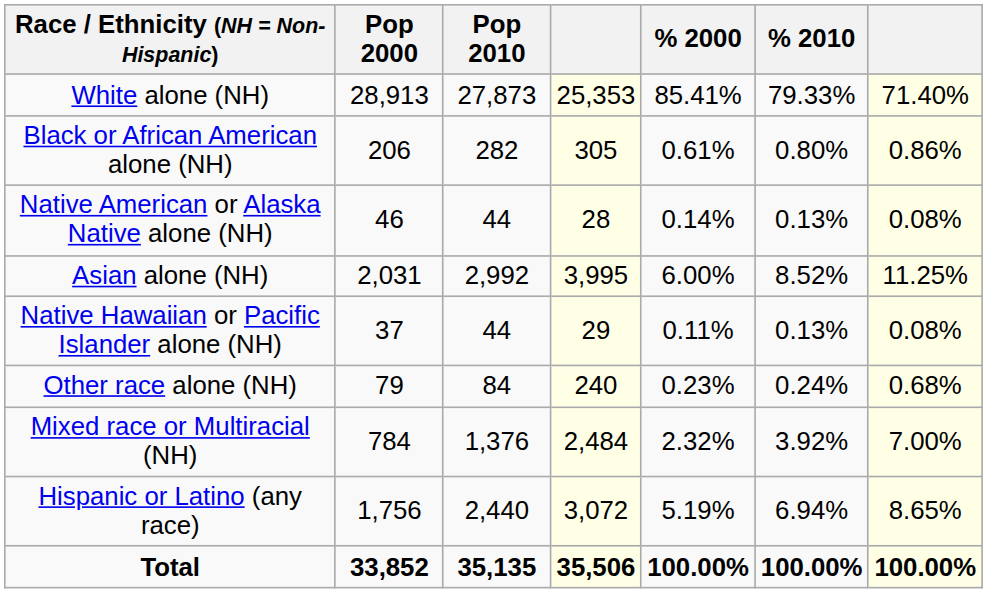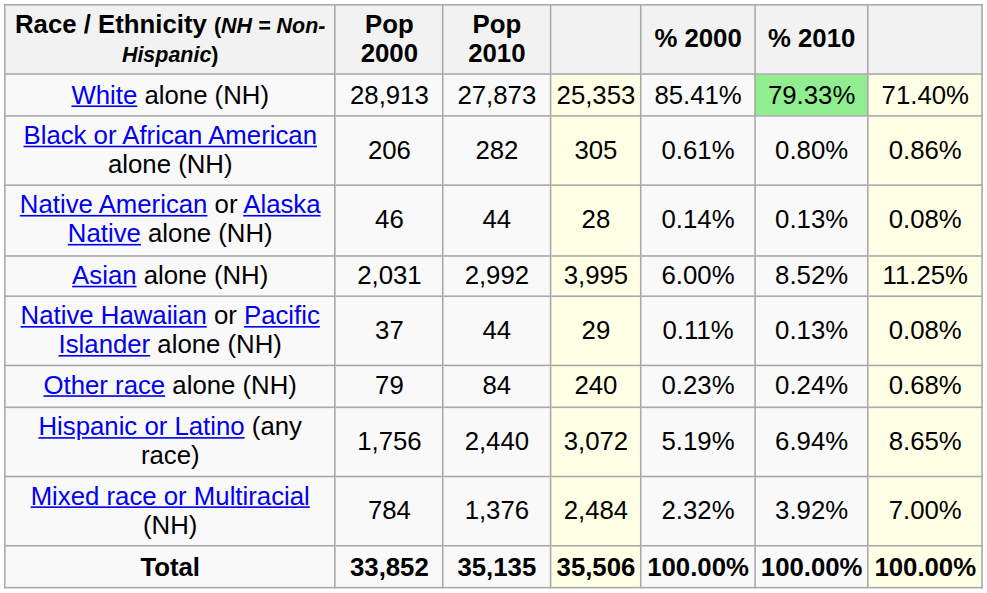 <table class="wikitable" style="text-align:center;">
 <tr>
 <th>Race / Ethnicity <small>(<em>NH = Non-Hispanic</em>)</small></th>
 <th>Pop 2000</th>
 <th>Pop 2010</th>
 <th></th>
 <th>% 2000</th>
 <th>% 2010</th>
 <th></th>
 </tr>
 <tr>
 <td><a href='#'>White</a> alone (NH)</td>
 <td>28,913</td>
 <td>27,873</td>
 <td style='background: #ffffe6;'>25,353</td>
 <td>85.41%</td>
-<td>79.33%</td>
+<td style="background: lightgreen;">79.33%</td>
 <td style='background: #ffffe6;'>71.40%</td>
 </tr>
 <tr>
 <td><a href='#'>Black or African American</a> alone (NH)</td>
 <td>206</td>
 <td>282</td>
 <td style='background: #ffffe6;'>305</td>
 <td>0.61%</td>
 <td>0.80%</td>
 <td style='background: #ffffe6;'>0.86%</td>
 </tr>
 <tr>
 <td><a href='#'>Native American</a> or <a href='#'>Alaska Native</a> alone (NH)</td>
 <td>46</td>
 <td>44</td>
 <td style='background: #ffffe6;'>28</td>
 <td>0.14%</td>
 <td>0.13%</td>
 <td style='background: #ffffe6;'>0.08%</td>
 </tr>
 <tr>
 <td><a href='#'>Asian</a> alone (NH)</td>
 <td>2,031</td>
 <td>2,992</td>
 <td style='background: #ffffe6;'>3,995</td>
 <td>6.00%</td>
 <td>8.52%</td>
 <td style='background: #ffffe6;'>11.25%</td>
 </tr>
 <tr>
 <td><a href='#'>Native Hawaiian</a> or <a href='#'>Pacific Islander</a> alone (NH)</td>
 <td>37</td>
 <td>44</td>
 <td style='background: #ffffe6;'>29</td>
 <td>0.11%</td>
 <td>0.13%</td>
 <td style='background: #ffffe6;'>0.08%</td>
 </tr>
 <tr>
 <td><a href='#'>Other race</a> alone (NH)</td>
 <td>79</td>
 <td>84</td>
 <td style='background: #ffffe6;'>240</td>
 <td>0.23%</td>
 <td>0.24%</td>
 <td style='background: #ffffe6;'>0.68%</td>
 </tr>
 <tr>
+<td><a href='#'>Hispanic or Latino</a> (any race)</td>
+<td>1,756</td>
+<td>2,440</td>
+<td style='background: #ffffe6;'>3,072</td>
+<td>5.19%</td>
+<td>6.94%</td>
+<td style='background: #ffffe6;'>8.65%</td>
+</tr>
+<tr>
 <td><a href='#'>Mixed race or Multiracial</a> (NH)</td>
 <td>784</td>
 <td>1,376</td>
 <td style='background: #ffffe6;'>2,484</td>
 <td>2.32%</td>
 <td>3.92%</td>
 <td style='background: #ffffe6;'>7.00%</td>
-</tr>
-<tr>
-<td><a href='#'>Hispanic or Latino</a> (any race)</td>
-<td>1,756</td>
-<td>2,440</td>
-<td style='background: #ffffe6;'>3,072</td>
-<td>5.19%</td>
-<td>6.94%</td>
-<td style='background: #ffffe6;'>8.65%</td>
 </tr>
 <tr>
 <td><strong>Total</strong></td>
 <td><strong>33,852</strong></td>
 <td><strong>35,135</strong></td>
 <td style='background: #ffffe6;'><strong>35,506</strong></td>
 <td><strong>100.00%</strong></td>
 <td><strong>100.00%</strong></td>
 <td style='background: #ffffe6;'><strong>100.00%</strong></td>
 </tr>
 </table>
